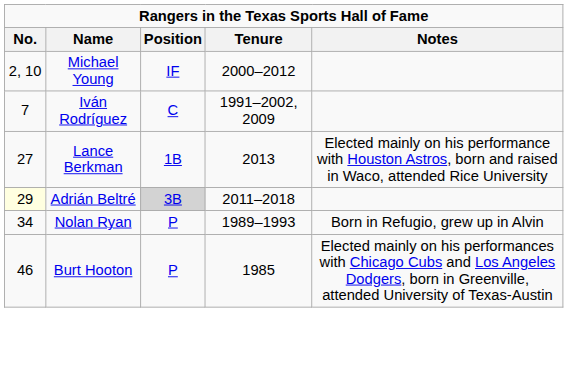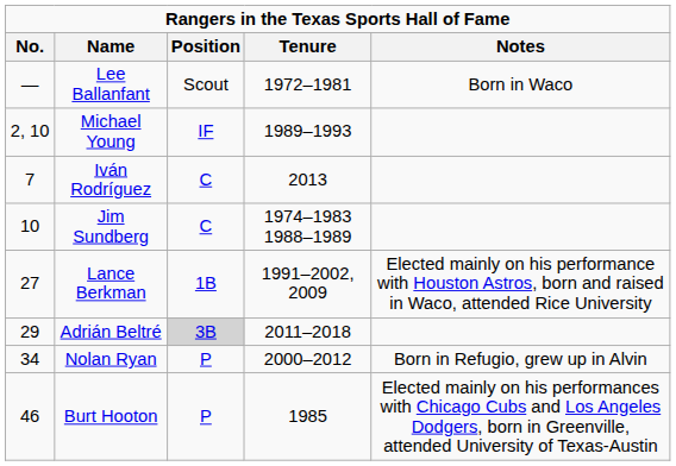 <table class="wikitable" style="text-align:center">
 <tr>
 <td colspan="5"><strong>Rangers in the Texas Sports Hall of Fame</strong></td>
 </tr>
 <tr>
 <th width=40px>No.</th>
 <th width=100px>Name</th>
 <th width=40px>Position</th>
 <th width=120px>Tenure</th>
 <th width=300px>Notes</th>
 </tr>
 <tr>
+<td>—</td>
+<td><a href='#'>Lee Ballanfant</a></td>
+<td>Scout</td>
+<td>1972–1981</td>
+<td>Born in Waco</td>
+</tr>
+<tr>
 <td>2, 10</td>
 <td><a href='#'>Michael Young</a></td>
 <td><a href='#'>IF</a></td>
-<td>2000–2012</td>
+<td>1989–1993</td>
 <td></td>
 </tr>
 <tr>
 <td>7</td>
 <td><a href='#'>Iván Rodríguez</a></td>
 <td><a href='#'>C</a></td>
-<td>1991–2002, 2009</td>
+<td>2013</td>
+<td></td>
+</tr>
+<tr>
+<td>10</td>
+<td><a href='#'>Jim Sundberg</a></td>
+<td><a href='#'>C</a></td>
+<td>1974–1983<br>1988–1989</td>
 <td></td>
 </tr>
 <tr>
 <td>27</td>
 <td><a href='#'>Lance Berkman</a></td>
 <td><a href='#'>1B</a></td>
-<td>2013</td>
+<td>1991–2002, 2009</td>
 <td>Elected mainly on his performance with <a href='#'>Houston Astros</a>, born and raised in Waco, attended Rice University</td>
 </tr>
 <tr>
-<td style="background: lightyellow;">29</td>
+<td>29</td>
 <td><a href='#'>Adrián Beltré</a></td>
 <td style="background: lightgrey;"><a href='#'>3B</a></td>
 <td>2011–2018</td>
 <td></td>
 </tr>
 <tr>
 <td>34</td>
 <td><a href='#'>Nolan Ryan</a></td>
 <td><a href='#'>P</a></td>
-<td>1989–1993</td>
+<td>2000–2012</td>
 <td>Born in Refugio, grew up in Alvin</td>
 </tr>
 <tr>
 <td>46</td>
 <td><a href='#'>Burt Hooton</a></td>
 <td><a href='#'>P</a></td>
 <td>1985</td>
 <td>Elected mainly on his performances with <a href='#'>Chicago Cubs</a> and <a href='#'>Los Angeles Dodgers</a>, born in Greenville, attended University of Texas-Austin</td>
 </tr>
 </table>
